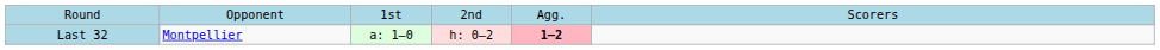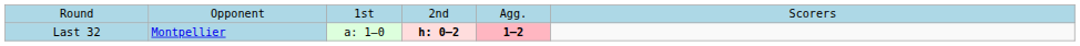 <table class="wikitable" style="text-align:center">
 <tr bgcolor=lightblue>
 <td width=160px>Round</td>
 <td width=200px>Opponent</td>
 <td width=80px>1st</td>
 <td width=80px>2nd</td>
 <td width=80px>Agg.</td>
 <td width=600px>Scorers</td>
 </tr>
 <tr>
 <td bgcolor=lightblue>Last 32</td>
-<td align=left> <a href='#'>Montpellier</a></td>
+<td align=left style="background: lightblue;"> <a href='#'>Montpellier</a></td>
 <td bgcolor=#ddffdd>a: 1–0</td>
-<td bgcolor=#ffdddd>h: 0–2</td>
+<td bgcolor=#ffdddd><strong>h: 0–2</strong></td>
 <td bgcolor=lightpink><strong>1–2</strong></td>
 <td></td>
 </tr>
 </table>
